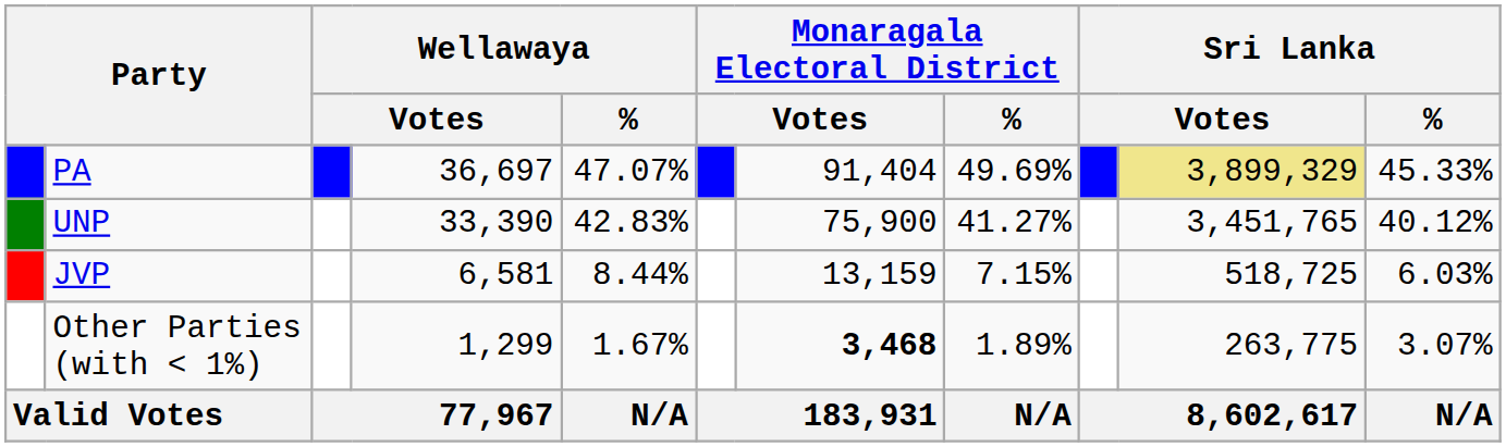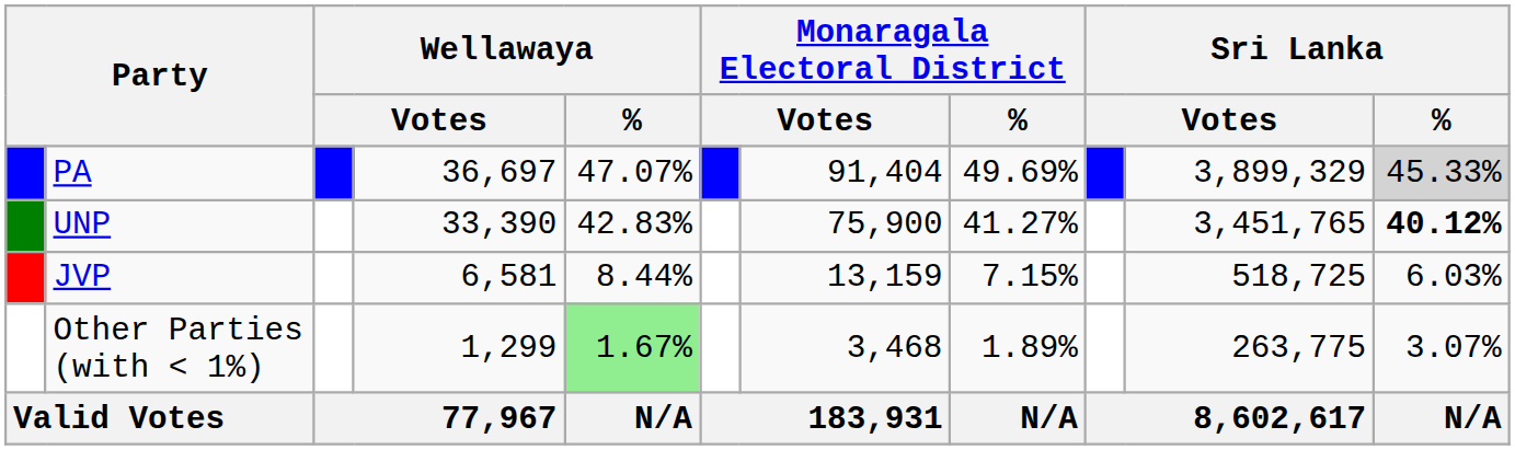 <table class="wikitable">
 <tr>
 <th colspan="2" width="144px"rowspan="2">Party</th>
 <th colspan="3" width="216px">Wellawaya</th>
 <th colspan="3" width="216px"><a href='#'>Monaragala Electoral District</a></th>
 <th colspan="3" width="216px">Sri Lanka</th>
 </tr>
 <tr>
 <th colspan="2" width="144px">Votes</th>
 <th>%</th>
 <th colspan="2" width="144px">Votes</th>
 <th>%</th>
 <th colspan="2" width="144px">Votes</th>
 <th>%</th>
 </tr>
 <tr>
 <td style="background-color:blue;" width="10px"></td>
 <td style="text-align:left;"><a href='#'>PA</a></td>
 <td style="background-color:blue;" width="10px"></td>
 <td style="text-align:right;">36,697</td>
 <td style="text-align:right;">47.07%</td>
 <td style="background-color:blue;" width="10px"></td>
 <td style="text-align:right;">91,404</td>
 <td style="text-align:right;">49.69%</td>
 <td style="background-color:blue;" width="10px"></td>
-<td style="background: khaki; text-align:right;">3,899,329</td>
-<td style="text-align:right;">45.33%</td>
+<td style="text-align:right;">3,899,329</td>
+<td style="background: lightgrey; text-align:right;">45.33%</td>
 </tr>
 <tr>
 <td style="background-color:green;" width="10px"></td>
 <td style="text-align:left;"><a href='#'>UNP</a></td>
 <td style="background-color:white;" width="10px"></td>
 <td style="text-align:right;">33,390</td>
 <td style="text-align:right;">42.83%</td>
 <td style="background-color:white;" width="10px"></td>
 <td style="text-align:right;">75,900</td>
 <td style="text-align:right;">41.27%</td>
 <td style="background-color:white;" width="10px"></td>
 <td style="text-align:right;">3,451,765</td>
-<td style="text-align:right;">40.12%</td>
+<td style="text-align:right;"><strong>40.12%</strong></td>
 </tr>
 <tr>
 <td style="background-color:red;" width="10px"></td>
 <td style="text-align:left;"><a href='#'>JVP</a></td>
 <td style="background-color:white;" width="10px"></td>
 <td style="text-align:right;">6,581</td>
 <td style="text-align:right;">8.44%</td>
 <td style="background-color:white;" width="10px"></td>
 <td style="text-align:right;">13,159</td>
 <td style="text-align:right;">7.15%</td>
 <td style="background-color:white;" width="10px"></td>
 <td style="text-align:right;">518,725</td>
 <td style="text-align:right;">6.03%</td>
 </tr>
 <tr>
 <td style="background-color:white;" width="10px"></td>
 <td style="text-align:left;">Other Parties (with < 1%)</td>
 <td style="background-color:white;" width="10px"></td>
 <td style="text-align:right;">1,299</td>
-<td style="text-align:right;">1.67%</td>
+<td style="background: lightgreen; text-align:right;">1.67%</td>
 <td style="background-color:white;" width="10px"></td>
-<td style="text-align:right;"><strong>3,468</strong></td>
+<td style="text-align:right;">3,468</td>
 <td style="text-align:right;">1.89%</td>
 <td style="background-color:white;" width="10px"></td>
 <td style="text-align:right;">263,775</td>
 <td style="text-align:right;">3.07%</td>
 </tr>
 <tr>
 <th colspan="2" width="144px"style="text-align:left;">Valid Votes</th>
 <th style="text-align:right;"colspan="2" width="144px">77,967</th>
 <th style="text-align:right;">N/A</th>
 <th style="text-align:right;"colspan="2" width="144px">183,931</th>
 <th style="text-align:right;">N/A</th>
 <th style="text-align:right;"colspan="2" width="144px">8,602,617</th>
 <th style="text-align:right;">N/A</th>
 </tr>
 </table>
